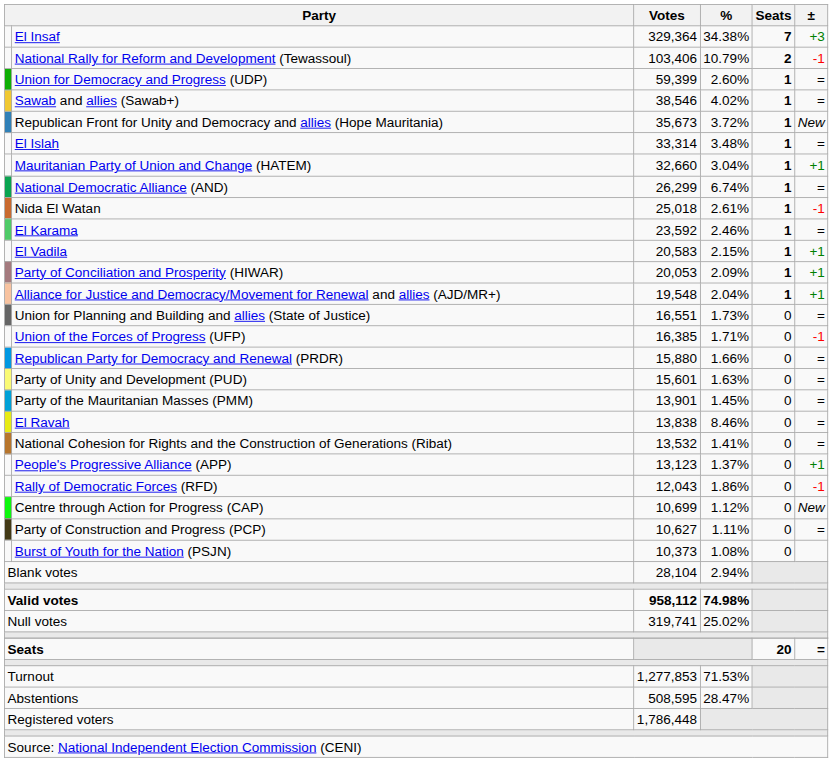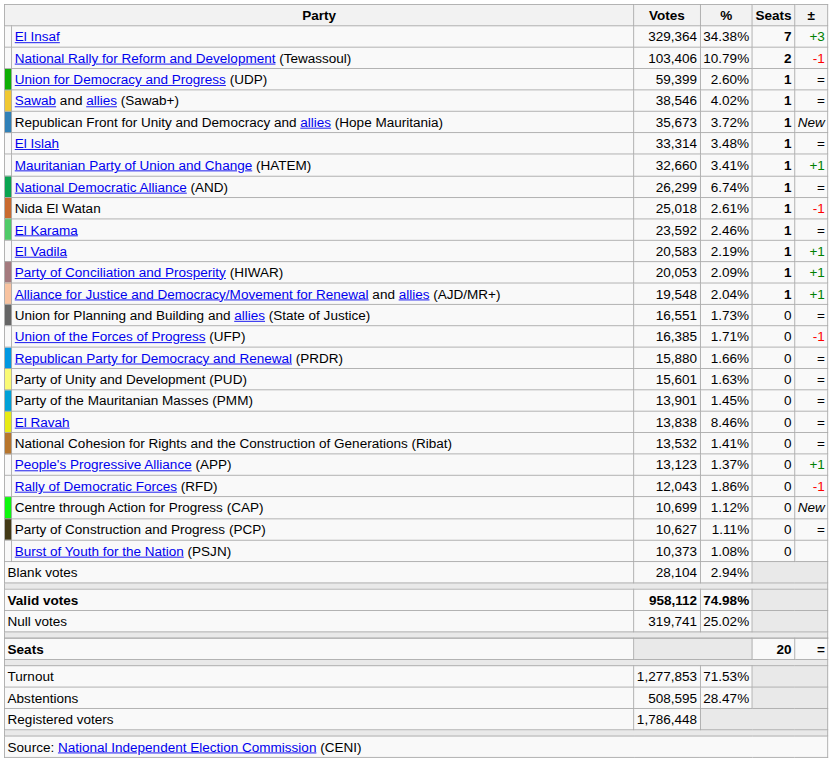 <table class="wikitable" style="text-align:right;font-size:95%;">
 <tr>
 <th width="700" colspan="2">Party</th>
 <th width="50">Votes</th>
 <th width="50">%</th>
 <th width="25">Seats</th>
 <th width="20">±</th>
 </tr>
 <tr>
 <td width="1" style="color:inherit;background:"></td>
 <td style="text-align:left;"><a href='#'>El Insaf</a></td>
 <td>329,364</td>
 <td>34.38%</td>
 <td><strong>7</strong></td>
 <td style="color:green;">+3</td>
 </tr>
 <tr>
 <td width="1" style="color:inherit;background:"></td>
 <td style="text-align:left;"><a href='#'>National Rally for Reform and Development</a> (Tewassoul)</td>
 <td>103,406</td>
 <td>10.79%</td>
 <td><strong>2</strong></td>
 <td style="color:red;">-1</td>
 </tr>
 <tr>
 <td width="1" style="color:inherit;background:#0FAF05;"></td>
 <td style="text-align:left;"><a href='#'>Union for Democracy and Progress</a> (UDP)</td>
 <td>59,399</td>
 <td>2.60%</td>
 <td><strong>1</strong></td>
 <td>=</td>
 </tr>
 <tr>
 <td width="1" style="color:inherit;background:#F0C832;"></td>
 <td style="text-align:left;"><a href='#'>Sawab</a> and <a href='#'>allies</a> (Sawab+)</td>
 <td>38,546</td>
 <td>4.02%</td>
 <td><strong>1</strong></td>
 <td>=</td>
 </tr>
 <tr>
 <td width="1" style="color:inherit;background:#3080B7;"></td>
 <td style="text-align:left;">Republican Front for Unity and Democracy and <a href='#'>allies</a> (Hope Mauritania)</td>
 <td>35,673</td>
 <td>3.72%</td>
 <td><strong>1</strong></td>
 <td><em>New</em></td>
 </tr>
 <tr>
 <td width="1" style="color:inherit;background:"></td>
 <td style="text-align:left;"><a href='#'>El Islah</a></td>
 <td>33,314</td>
 <td>3.48%</td>
 <td><strong>1</strong></td>
 <td>=</td>
 </tr>
 <tr>
 <td width="1" style="color:inherit;background:"></td>
 <td style="text-align:left;"><a href='#'>Mauritanian Party of Union and Change</a> (HATEM)</td>
 <td>32,660</td>
-<td>3.04%</td>
+<td>3.41%</td>
 <td><strong>1</strong></td>
 <td style="color:green;">+1</td>
 </tr>
 <tr>
 <td width="1" style="color:inherit;background:#0AA450;"></td>
 <td style="text-align:left;"><a href='#'>National Democratic Alliance</a> (AND)</td>
 <td>26,299</td>
 <td>6.74%</td>
 <td><strong>1</strong></td>
 <td>=</td>
 </tr>
 <tr>
 <td width="1" style="color:inherit;background:#C96A2F;"></td>
 <td style="text-align:left;">Nida El Watan</td>
 <td>25,018</td>
 <td>2.61%</td>
 <td><strong>1</strong></td>
 <td style="color:red;">-1</td>
 </tr>
 <tr>
 <td width="1" style="color:inherit;background:#4FCB68;"></td>
 <td style="text-align:left;"><a href='#'>El Karama</a></td>
 <td>23,592</td>
 <td>2.46%</td>
 <td><strong>1</strong></td>
 <td>=</td>
 </tr>
 <tr>
 <td width="1" style="color:inherit;background:"></td>
 <td style="text-align:left;"><a href='#'>El Vadila</a></td>
 <td>20,583</td>
-<td>2.15%</td>
+<td>2.19%</td>
 <td><strong>1</strong></td>
 <td style="color:green;">+1</td>
 </tr>
 <tr>
 <td width="1" style="color:inherit;background:#A47A7E;"></td>
 <td style="text-align:left;"><a href='#'>Party of Conciliation and Prosperity</a> (HIWAR)</td>
 <td>20,053</td>
 <td>2.09%</td>
 <td><strong>1</strong></td>
 <td style="color:green;">+1</td>
 </tr>
 <tr>
 <td width="1" style="color:inherit;background:#F8C3A0;"></td>
 <td style="text-align:left;"><a href='#'>Alliance for Justice and Democracy/Movement for Renewal</a> and <a href='#'>allies</a> (AJD/MR+)</td>
 <td>19,548</td>
 <td>2.04%</td>
 <td><strong>1</strong></td>
 <td style="color:green;">+1</td>
 </tr>
 <tr>
 <td width="1" style="color:inherit;background:#666666;"></td>
 <td style="text-align:left;">Union for Planning and Building and <a href='#'>allies</a> (State of Justice)</td>
 <td>16,551</td>
 <td>1.73%</td>
 <td>0</td>
 <td>=</td>
 </tr>
 <tr>
 <td width="1" style="color:inherit;background:"></td>
 <td style="text-align:left;"><a href='#'>Union of the Forces of Progress</a> (UFP)</td>
 <td>16,385</td>
 <td>1.71%</td>
 <td>0</td>
 <td style="color:red;">-1</td>
 </tr>
 <tr>
 <td width="1" style="color:inherit;background:#0198E2;"></td>
 <td style="text-align:left;"><a href='#'>Republican Party for Democracy and Renewal</a> (PRDR)</td>
 <td>15,880</td>
 <td>1.66%</td>
 <td>0</td>
 <td>=</td>
 </tr>
 <tr>
 <td width="1" style="color:inherit;background:#FAFA75;"></td>
 <td style="text-align:left;">Party of Unity and Development (PUD)</td>
 <td>15,601</td>
 <td>1.63%</td>
 <td>0</td>
 <td>=</td>
 </tr>
 <tr>
 <td width="1" style="color:inherit;background:#00A1D7;"></td>
 <td style="text-align:left;">Party of the Mauritanian Masses (PMM)</td>
 <td>13,901</td>
 <td>1.45%</td>
 <td>0</td>
 <td>=</td>
 </tr>
 <tr>
 <td width="1" style="color:inherit;background:#E7EB16;"></td>
 <td style="text-align:left;"><a href='#'>El Ravah</a></td>
 <td>13,838</td>
 <td>8.46%</td>
 <td>0</td>
 <td>=</td>
 </tr>
 <tr>
 <td width="1" style="color:inherit;background:#B7752C;"></td>
 <td style="text-align:left;">National Cohesion for Rights and the Construction of Generations (Ribat)</td>
 <td>13,532</td>
 <td>1.41%</td>
 <td>0</td>
 <td>=</td>
 </tr>
 <tr>
 <td width="1" style="color:inherit;background:"></td>
 <td style="text-align:left;"><a href='#'>People's Progressive Alliance</a> (APP)</td>
 <td>13,123</td>
 <td>1.37%</td>
 <td>0</td>
 <td style="color:green;">+1</td>
 </tr>
 <tr>
 <td width="1" style="color:inherit;background:"></td>
 <td style="text-align:left;"><a href='#'>Rally of Democratic Forces</a> (RFD)</td>
 <td>12,043</td>
 <td>1.86%</td>
 <td>0</td>
 <td style="color:red;">-1</td>
 </tr>
 <tr>
 <td width="1" style="color:inherit;background:#0EF70E;"></td>
 <td style="text-align:left;">Centre through Action for Progress (CAP)</td>
 <td>10,699</td>
 <td>1.12%</td>
 <td>0</td>
 <td><em>New</em></td>
 </tr>
 <tr>
 <td width="1" style="color:inherit;background:#433A16;"></td>
 <td style="text-align:left;">Party of Construction and Progress (PCP)</td>
 <td>10,627</td>
 <td>1.11%</td>
 <td>0</td>
 <td>=</td>
 </tr>
 <tr>
 <td width="1" style="color:inherit;background:"></td>
 <td style="text-align:left;"><a href='#'>Burst of Youth for the Nation</a> (PSJN)</td>
 <td>10,373</td>
 <td>1.08%</td>
 <td>0</td>
 <td></td>
 </tr>
 <tr>
 <td colspan="2" style="text-align:left;">Blank votes</td>
 <td>28,104</td>
 <td>2.94%</td>
 <td colspan="2" style="background:#E9E9E9;"></td>
 </tr>
 <tr>
 <td colspan="6" style="background:#E9E9E9;"></td>
 </tr>
 <tr style="font-weight:bold;">
 <td colspan="2" style="text-align:left;">Valid votes</td>
 <td>958,112</td>
 <td>74.98%</td>
 <td colspan="2" style="background:#E9E9E9;"></td>
 </tr>
 <tr>
 <td colspan="2" style="text-align:left;">Null votes</td>
 <td>319,741</td>
 <td>25.02%</td>
 <td colspan="2" style="background:#E9E9E9;"></td>
 </tr>
 <tr>
 <td colspan="6" style="background:#E9E9E9;"></td>
 </tr>
 <tr>
 </tr>
 <tr style="font-weight:bold;">
 <td colspan="2" style="text-align:left;">Seats</td>
 <td colspan="2" style="background:#E9E9E9;"></td>
 <td>20</td>
 <td>=</td>
 </tr>
 <tr>
 <td colspan="6" style="background:#E9E9E9;"></td>
 </tr>
 <tr>
 <td colspan="2" style="text-align:left;">Turnout</td>
 <td>1,277,853</td>
 <td>71.53%</td>
 <td colspan="2" style="background:#E9E9E9;"></td>
 </tr>
 <tr>
 <td colspan="2" style="text-align:left;">Abstentions</td>
 <td>508,595</td>
 <td>28.47%</td>
 <td colspan="2" style="background:#E9E9E9;"></td>
 </tr>
 <tr>
 <td colspan="2" style="text-align:left;">Registered voters</td>
 <td>1,786,448</td>
 <td colspan="3" style="background:#E9E9E9;"></td>
 </tr>
 <tr>
 <td colspan="6" style="background:#E9E9E9;"></td>
 </tr>
 <tr>
 <td colspan="6" style="text-align:left;">Source: <a href='#'>National Independent Election Commission</a> (CENI)</td>
 </tr>
 </table>
